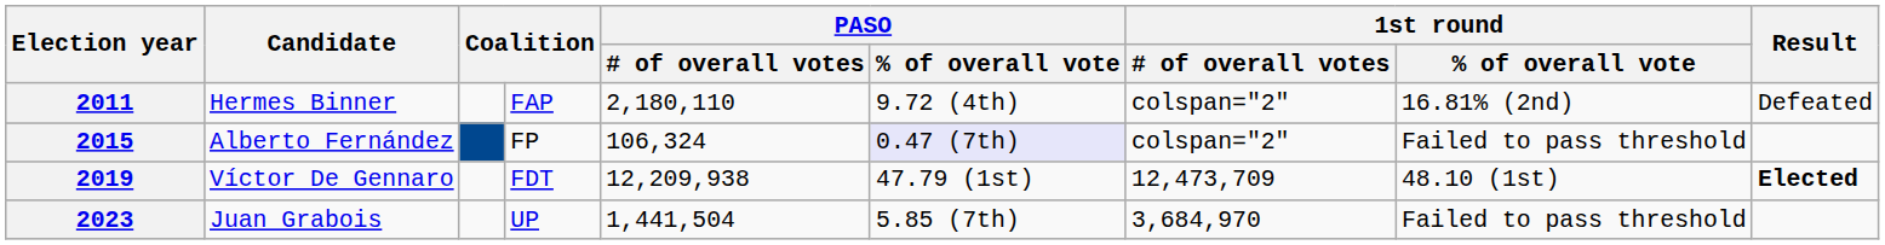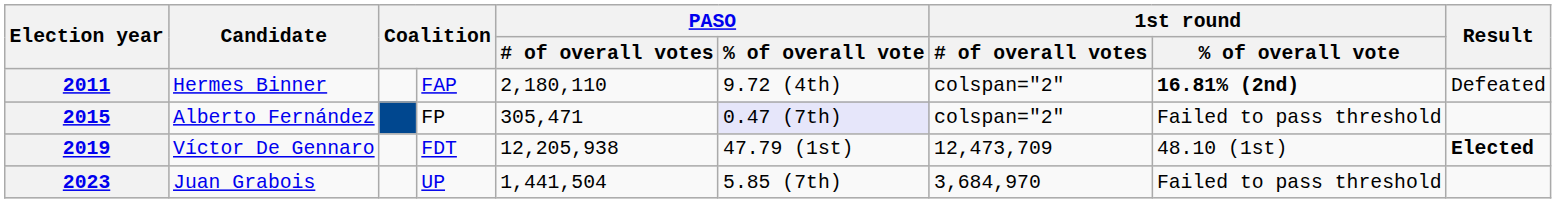 <table class=wikitable>
 <tr>
 <th rowspan=2>Election year</th>
 <th rowspan=2>Candidate</th>
 <th rowspan=2 colspan=2>Coalition</th>
 <th colspan=2><a href='#'>PASO</a></th>
 <th colspan=2>1st round</th>
 <th rowspan=2>Result</th>
 </tr>
 <tr>
 <th># of overall votes</th>
 <th>% of overall vote</th>
 <th># of overall votes</th>
 <th>% of overall vote</th>
 </tr>
 <tr>
 <th><a href='#'>2011</a></th>
 <td><a href='#'>Hermes Binner</a></td>
 <td bgcolor=> </td>
 <td><a href='#'>FAP</a></td>
 <td>2,180,110</td>
 <td>9.72 (4th)</td>
 <td>colspan="2" </td>
-<td>16.81% (2nd)</td>
+<td><strong>16.81% (2nd)</strong></td>
 <td> Defeated</td>
 </tr>
 <tr>
 <th><a href='#'>2015</a></th>
 <td><a href='#'>Alberto Fernández</a></td>
 <td bgcolor=#00478F> </td>
 <td>FP</td>
-<td>106,324</td>
+<td>305,471</td>
 <td style="background: lavender;">0.47 (7th)</td>
 <td>colspan="2" </td>
 <td> Failed to pass threshold</td>
 </tr>
 <tr>
 <th><a href='#'>2019</a></th>
 <td><a href='#'>Víctor De Gennaro</a></td>
 <td bgcolor=> </td>
 <td><a href='#'>FDT</a></td>
-<td>12,209,938</td>
+<td>12,205,938</td>
 <td>47.79 (1st)</td>
 <td>12,473,709</td>
 <td>48.10 (1st)</td>
 <td> <strong>Elected</strong></td>
 </tr>
 <tr>
 <th><a href='#'>2023</a></th>
 <td><a href='#'>Juan Grabois</a></td>
 <td bgcolor=> </td>
 <td><a href='#'>UP</a></td>
 <td>1,441,504</td>
 <td>5.85 (7th)</td>
 <td>3,684,970</td>
 <td> Failed to pass threshold</td>
 </tr>
 </table>
